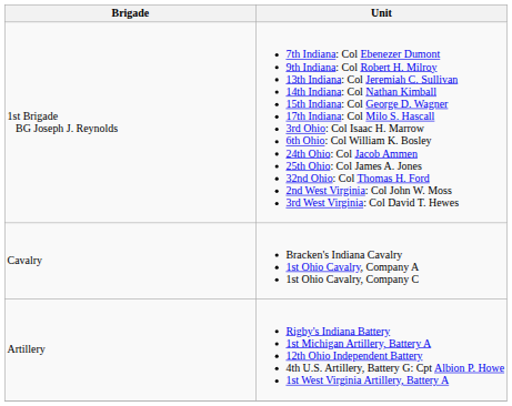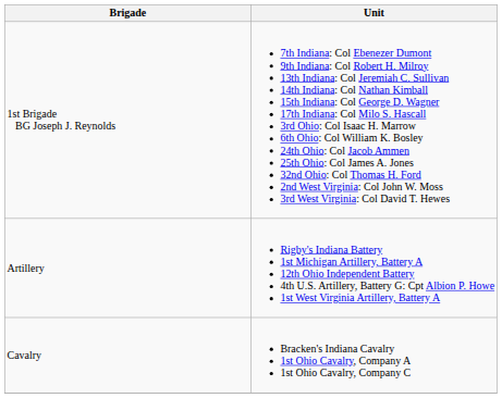 <table class="wikitable">
 <tr>
 <th width=50%>Brigade</th>
 <th width=50%>Unit</th>
 </tr>
 <tr>
 <td>1st Brigade<br>   BG Joseph J. Reynolds</td>
 <td><br><ul><li><a href='#'>7th Indiana</a>: Col <a href='#'>Ebenezer Dumont</a></li><li><a href='#'>9th Indiana</a>: Col <a href='#'>Robert H. Milroy</a></li><li><a href='#'>13th Indiana</a>: Col <a href='#'>Jeremiah C. Sullivan</a></li><li><a href='#'>14th Indiana</a>: Col <a href='#'>Nathan Kimball</a></li><li><a href='#'>15th Indiana</a>: Col <a href='#'>George D. Wagner</a></li><li><a href='#'>17th Indiana</a>: Col <a href='#'>Milo S. Hascall</a></li><li><a href='#'>3rd Ohio</a>: Col Isaac H. Marrow</li><li><a href='#'>6th Ohio</a>: Col William K. Bosley</li><li><a href='#'>24th Ohio</a>: Col <a href='#'>Jacob Ammen</a></li><li><a href='#'>25th Ohio</a>: Col James A. Jones</li><li><a href='#'>32nd Ohio</a>: Col <a href='#'>Thomas H. Ford</a></li><li><a href='#'>2nd West Virginia</a>: Col John W. Moss</li><li><a href='#'>3rd West Virginia</a>: Col David T. Hewes</li></ul></td>
 </tr>
 <tr>
+<td>Artillery</td>
+<td><br><ul><li><a href='#'>Rigby's Indiana Battery</a></li><li><a href='#'>1st Michigan Artillery, Battery A</a></li><li><a href='#'>12th Ohio Independent Battery</a></li><li>4th U.S. Artillery, Battery G: Cpt <a href='#'>Albion P. Howe</a></li><li><a href='#'>1st West Virginia Artillery, Battery A</a></li></ul></td>
+</tr>
+<tr>
 <td>Cavalry</td>
 <td><br><ul><li>Bracken's Indiana Cavalry</li><li><a href='#'>1st Ohio Cavalry</a>, Company A</li><li>1st Ohio Cavalry, Company C</li></ul></td>
 </tr>
 <tr>
-<td>Artillery</td>
-<td><br><ul><li><a href='#'>Rigby's Indiana Battery</a></li><li><a href='#'>1st Michigan Artillery, Battery A</a></li><li><a href='#'>12th Ohio Independent Battery</a></li><li>4th U.S. Artillery, Battery G: Cpt <a href='#'>Albion P. Howe</a></li><li><a href='#'>1st West Virginia Artillery, Battery A</a></li></ul></td>
-</tr>
-<tr>
 </tr>
 </table>
